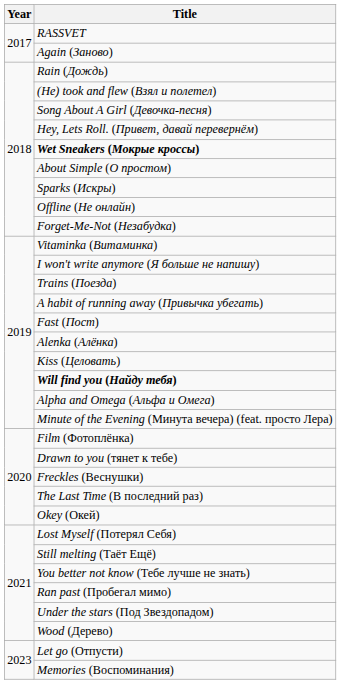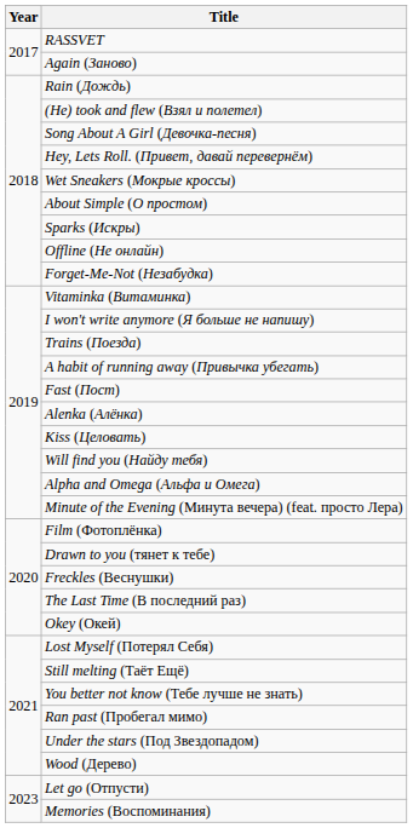 <table class="wikitable">
 <tr>
 <th>Year</th>
 <th>Title</th>
 </tr>
 <tr>
 <td rowspan="2">2017</td>
 <td><em>RASSVET</em></td>
 </tr>
 <tr>
 <td><em>Again</em> (<em>Заново</em>)</td>
 </tr>
 <tr>
 <td rowspan="9">2018</td>
 <td><em>Rain</em> (<em>Дождь</em>)</td>
 </tr>
 <tr>
 <td><em>(He) took and flew</em> (<em>Взял и полетел</em>)</td>
 </tr>
 <tr>
 <td><em>Song About A Girl</em> (<em>Девочка-песня</em>)</td>
 </tr>
 <tr>
 <td><em>Hey, Lets Roll.</em> (<em>Привет, давай перевернём</em>)</td>
 </tr>
 <tr>
-<td><strong><em>Wet Sneakers</em> (<em>Мокрые кроссы</em>)</strong></td>
+<td><em>Wet Sneakers</em> (<em>Мокрые кроссы</em>)</td>
 </tr>
 <tr>
 <td><em>About Simple</em> (<em>О простом</em>)</td>
 </tr>
 <tr>
 <td><em>Sparks</em> (<em>Искры</em>)</td>
 </tr>
 <tr>
 <td><em>Offline</em> (<em>Не онлайн</em>)</td>
 </tr>
 <tr>
 <td><em>Forget-Me-Not</em> (<em>Незабудка</em>)</td>
 </tr>
 <tr>
 <td rowspan="10">2019</td>
 <td><em>Vitaminka</em> (<em>Витаминка</em>)</td>
 </tr>
 <tr>
 <td><em>I won't write anymore</em> (<em>Я больше не напишу</em>)</td>
 </tr>
 <tr>
 <td><em>Trains</em> (<em>Поезда</em>)</td>
 </tr>
 <tr>
 <td><em>A habit of running away</em> (<em>Привычка убегать</em>)</td>
 </tr>
 <tr>
 <td><em>Fast</em> (<em>Пост</em>)</td>
 </tr>
 <tr>
 <td><em>Alenka</em> (<em>Алёнка</em>)</td>
 </tr>
 <tr>
 <td><em>Kiss</em> (<em>Целовать</em>)</td>
 </tr>
 <tr>
-<td><strong><em>Will find you</em> (<em>Найду тебя</em>)</strong></td>
+<td><em>Will find you</em> (<em>Найду тебя</em>)</td>
 </tr>
 <tr>
 <td><em>Alpha and Omega</em> (<em>Альфа и Омега</em>)</td>
 </tr>
 <tr>
 <td><em>Minute of the Evening</em> (Минута вечера) (feat. просто Лера)</td>
 </tr>
 <tr>
 <td rowspan="5">2020</td>
 <td><em>Film</em> (Фотоплёнка)</td>
 </tr>
 <tr>
 <td><em>Drawn to you</em> (тянет к тебе)</td>
 </tr>
 <tr>
 <td><em>Freckles</em> (Веснушки)</td>
 </tr>
 <tr>
 <td><em>The Last Time</em> (В последний раз)</td>
 </tr>
 <tr>
 <td><em>Okey</em> (Окей)</td>
 </tr>
 <tr>
 <td rowspan="6">2021</td>
 <td><em>Lost Myself</em> (Потерял Себя)</td>
 </tr>
 <tr>
 <td><em>Still melting</em> (Таёт Ещё)</td>
 </tr>
 <tr>
 <td><em>You better not know</em> (Тебе лучше не знать)</td>
 </tr>
 <tr>
 <td><em>Ran past</em> (Пробегал мимо)</td>
 </tr>
 <tr>
 <td><em>Under the stars</em> (Под Звездопадом)</td>
 </tr>
 <tr>
 <td><em>Wood</em> (Дерево)</td>
 </tr>
 <tr>
 <td rowspan="5">2023</td>
 <td><em>Let go</em> (Отпусти)</td>
 </tr>
 <tr>
 <td><em>Memories</em> (Воспоминания)</td>
 </tr>
 </table>
